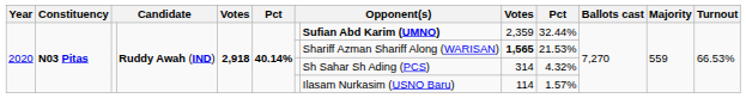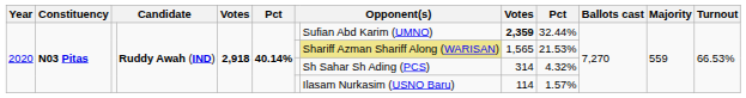 <table class="wikitable" style="margin:0.5em ; font-size:95%">
 <tr>
 <th>Year</th>
 <th>Constituency</th>
 <th colspan=2>Candidate</th>
 <th>Votes</th>
 <th>Pct</th>
 <th colspan=2>Opponent(s)</th>
 <th>Votes</th>
 <th>Pct</th>
 <th>Ballots cast</th>
 <th>Majority</th>
 <th>Turnout</th>
 </tr>
 <tr>
 <td rowspan=4><a href='#'>2020</a></td>
 <td rowspan=4><strong>N03 <a href='#'>Pitas</a></strong></td>
 <td rowspan=4 ></td>
 <td rowspan=4><strong>Ruddy Awah</strong> (<a href='#'><strong>IND</strong></a>)</td>
 <td rowspan=4 align="right"><strong>2,918</strong></td>
 <td rowspan=4><strong>40.14%</strong></td>
 <td></td>
-<td><strong>Sufian Abd Karim (<a href='#'>UMNO</a>)</strong></td>
-<td align="right">2,359</td>
+<td>Sufian Abd Karim (<a href='#'>UMNO</a>)</td>
+<td align="right"><strong>2,359</strong></td>
 <td>32.44%</td>
 <td rowspan=4>7,270</td>
 <td rowspan=4>559</td>
 <td rowspan=4>66.53%</td>
 </tr>
 <tr>
 <td></td>
-<td>Shariff Azman Shariff Along (<a href='#'>WARISAN</a>)</td>
-<td align="right"><strong>1,565</strong></td>
+<td style="background: khaki;">Shariff Azman Shariff Along (<a href='#'>WARISAN</a>)</td>
+<td align="right">1,565</td>
 <td>21.53%</td>
 </tr>
 <tr>
 <td></td>
 <td>Sh Sahar Sh Ading (<a href='#'>PCS</a>)</td>
 <td align="right">314</td>
 <td align="right">4.32%</td>
 </tr>
 <tr>
 <td bgcolor=></td>
 <td>Ilasam Nurkasim (<a href='#'>USNO Baru</a>)</td>
 <td align="right">114</td>
 <td align="right">1.57%</td>
 </tr>
 </table>
